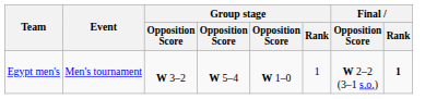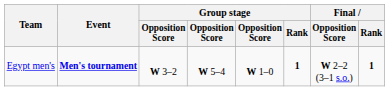 <table class=wikitable style=font-size:90%;text-align:center>
 <tr>
 <th rowspan=2>Team</th>
 <th rowspan=2>Event</th>
 <th colspan=4>Group stage</th>
 <th colspan=2>Final / </th>
 </tr>
 <tr style=font-size:95%>
 <th>Opposition<br>Score</th>
 <th>Opposition<br>Score</th>
 <th>Opposition<br>Score</th>
 <th>Rank</th>
 <th>Opposition<br>Score</th>
 <th>Rank</th>
 </tr>
 <tr>
 <td align=left><a href='#'>Egypt men's</a></td>
-<td align=left><a href='#'>Men's tournament</a></td>
+<td align=left><strong><a href='#'>Men's tournament</a></strong></td>
 <td><br><strong>W</strong> 3–2</td>
 <td><br><strong>W</strong> 5–4</td>
 <td><br><strong>W</strong> 1–0</td>
-<td>1</td>
+<td><strong>1</strong></td>
 <td><br><strong>W</strong> 2–2<br>(3–1 <a href='#'>s.o.</a>)</td>
 <td><strong>1</strong></td>
 </tr>
 </table>
